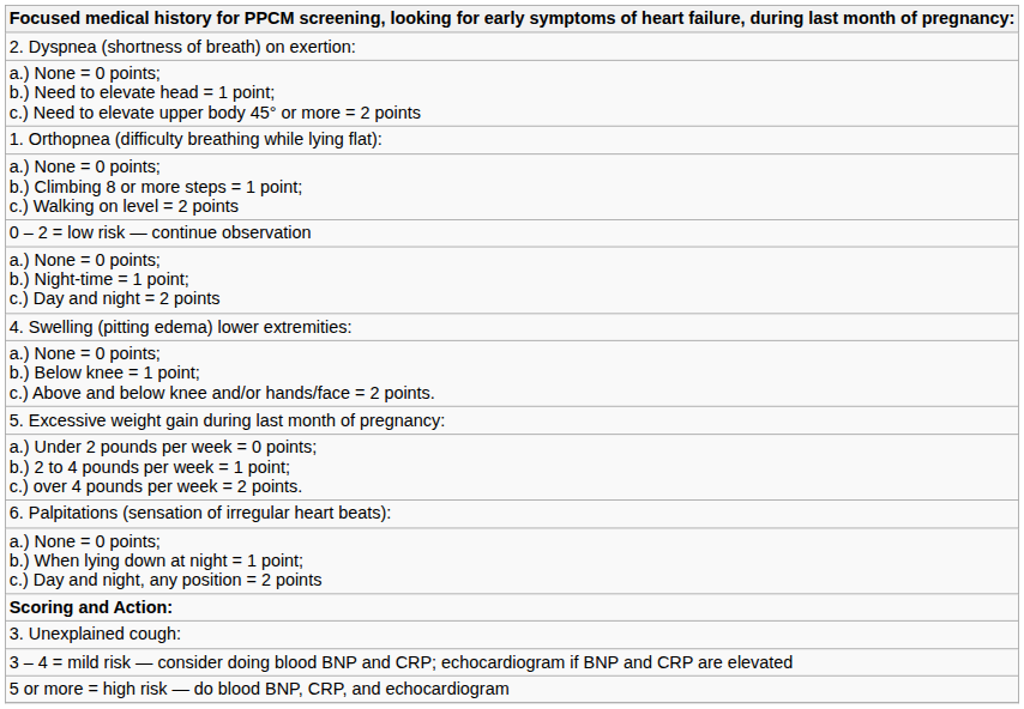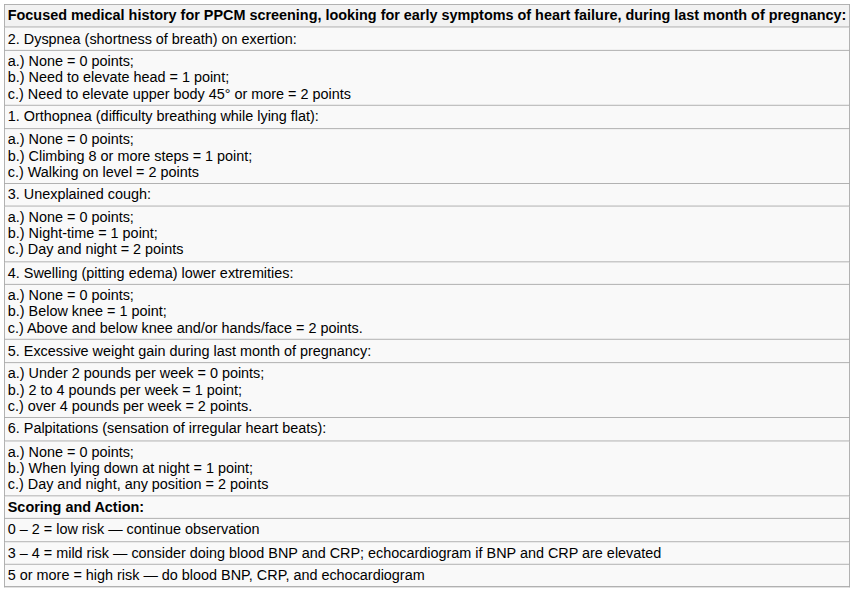 <table class="wikitable">
 <tr>
 <th><strong>Focused medical history for PPCM screening, looking for early symptoms of heart failure, during last month of pregnancy</strong>:</th>
 </tr>
 <tr>
 <td>2. Dyspnea (shortness of breath) on exertion:</td>
 </tr>
 <tr>
 <td>a.) None = 0 points;<br>b.) Need to elevate head = 1 point;<br>c.) Need to elevate upper body 45° or more = 2 points</td>
 </tr>
 <tr>
 <td>1. Orthopnea (difficulty breathing while lying flat):</td>
 </tr>
 <tr>
 <td>a.) None = 0 points;<br>b.) Climbing 8 or more steps = 1 point;<br>c.) Walking on level = 2 points</td>
 </tr>
 <tr>
-<td>0 – 2 = low risk — continue observation</td>
+<td>3. Unexplained cough:</td>
 </tr>
 <tr>
 <td>a.) None = 0 points;<br>b.) Night-time = 1 point;<br>c.) Day and night = 2 points</td>
 </tr>
 <tr>
 <td>4. Swelling (pitting edema) lower extremities:</td>
 </tr>
 <tr>
 <td>a.) None = 0 points;<br>b.) Below knee = 1 point;<br>c.) Above and below knee and/or hands/face = 2 points.</td>
 </tr>
 <tr>
 <td>5. Excessive weight gain during last month of pregnancy:</td>
 </tr>
 <tr>
 <td>a.) Under 2 pounds per week = 0 points;<br>b.) 2 to 4 pounds per week = 1 point;<br>c.) over 4 pounds per week = 2 points.</td>
 </tr>
 <tr>
 <td>6. Palpitations (sensation of irregular heart beats):</td>
 </tr>
 <tr>
 <td>a.) None = 0 points;<br>b.) When lying down at night = 1 point;<br>c.) Day and night, any position = 2 points</td>
 </tr>
 <tr>
 <td><strong>Scoring and Action:</strong></td>
 </tr>
 <tr>
-<td>3. Unexplained cough:</td>
+<td>0 – 2 = low risk — continue observation</td>
 </tr>
 <tr>
 <td>3 – 4 = mild risk — consider doing blood BNP and CRP; echocardiogram if BNP and CRP are elevated</td>
 </tr>
 <tr>
 <td>5 or more = high risk — do blood BNP, CRP, and echocardiogram</td>
 </tr>
 <tr>
 </tr>
 </table>
